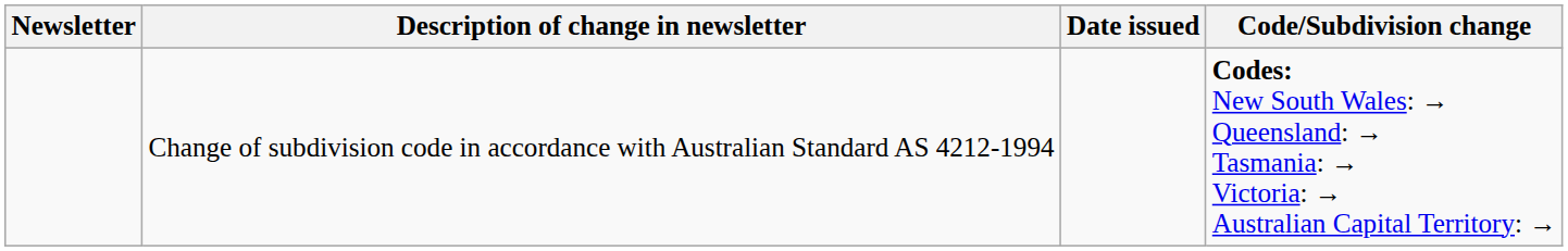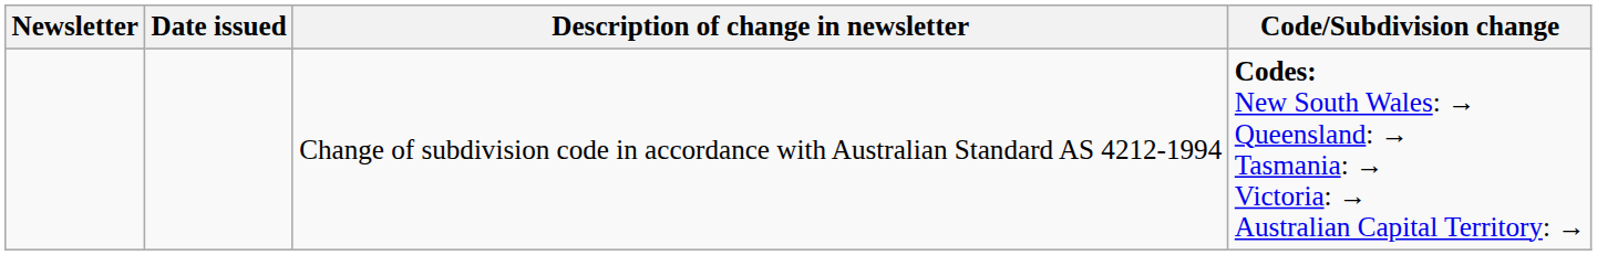 <table class="wikitable">
 <tr>
 <th>Newsletter</th>
+<th>Date issued</th>
 <th>Description of change in newsletter</th>
-<th>Date issued</th>
 <th>Code/Subdivision change</th>
 </tr>
 <tr>
 <td id="I-6"></td>
+<td></td>
 <td>Change of subdivision code in accordance with Australian Standard AS 4212-1994</td>
-<td></td>
 <td style=white-space:nowrap><strong>Codes:</strong><br> <a href='#'>New South Wales</a>:  → <br> <a href='#'>Queensland</a>:  → <br> <a href='#'>Tasmania</a>:  → <br> <a href='#'>Victoria</a>:  → <br> <a href='#'>Australian Capital Territory</a>:  → </td>
 </tr>
 </table>
